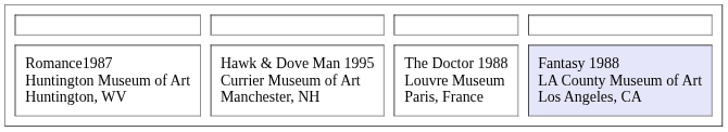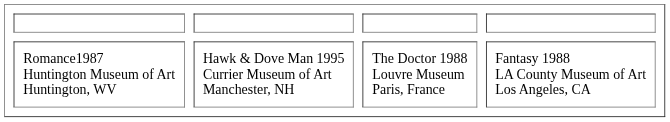 <table border="1" cellpadding="10" cellspacing="10">
 <tr>
 <td></td>
 <td></td>
 <td></td>
 <td></td>
 </tr>
 <tr>
 <td>Romance<span>1987<br>Huntington Museum of Art<br>Huntington, WV</span></td>
 <td>Hawk & Dove Man<span> 1995<br>Currier Museum of Art<br>Manchester, NH</span></td>
 <td>The Doctor<span> 1988<br>Louvre Museum<br>Paris, France</span></td>
-<td style="background: lavender;">Fantasy<span> 1988<br>LA County Museum of Art<br> Los Angeles, CA</span></td>
+<td>Fantasy<span> 1988<br>LA County Museum of Art<br> Los Angeles, CA</span></td>
 </tr>
 </table>
